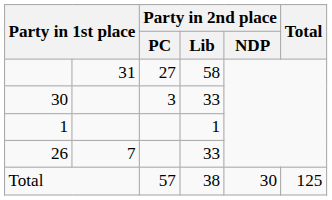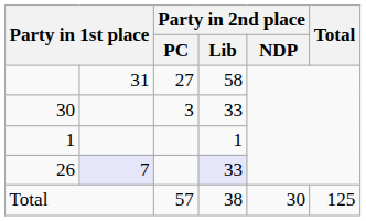 <table class="wikitable" style="text-align:right;">
 <tr>
 <th rowspan="2" colspan="2" style="text-align:left;">Party in 1st place</th>
 <th colspan="3">Party in 2nd place</th>
 <th rowspan="2">Total</th>
 </tr>
 <tr>
 <th>PC</th>
 <th>Lib</th>
 <th>NDP</th>
 </tr>
 <tr>
 <td></td>
 <td>31</td>
 <td>27</td>
 <td>58</td>
 </tr>
 <tr>
 <td>30</td>
 <td></td>
 <td>3</td>
 <td>33</td>
 </tr>
 <tr>
 <td>1</td>
 <td></td>
 <td></td>
 <td>1</td>
 </tr>
 <tr>
 <td>26</td>
-<td>7</td>
+<td style="background: lavender;">7</td>
 <td></td>
-<td>33</td>
+<td style="background: lavender;">33</td>
 </tr>
 <tr>
 <td colspan="2" style="text-align:left;">Total</td>
 <td>57</td>
 <td>38</td>
 <td>30</td>
 <td>125</td>
 </tr>
 </table>
